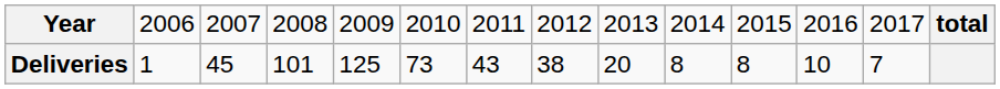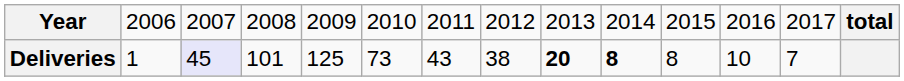 <table class="wikitable">
 <tr>
 <th>Year</th>
 <td>2006</td>
 <td>2007</td>
 <td>2008</td>
 <td>2009</td>
 <td>2010</td>
 <td>2011</td>
 <td>2012</td>
 <td>2013</td>
 <td>2014</td>
 <td>2015</td>
 <td>2016</td>
 <td>2017</td>
 <th>total</th>
 </tr>
 <tr>
 <th>Deliveries</th>
 <td>1</td>
-<td>45</td>
+<td style="background: lavender;">45</td>
 <td>101</td>
 <td>125</td>
 <td>73</td>
 <td>43</td>
 <td>38</td>
-<td>20</td>
-<td>8</td>
+<td><strong>20</strong></td>
+<td><strong>8</strong></td>
 <td>8</td>
 <td>10</td>
 <td>7</td>
 <th></th>
 </tr>
 </table>
